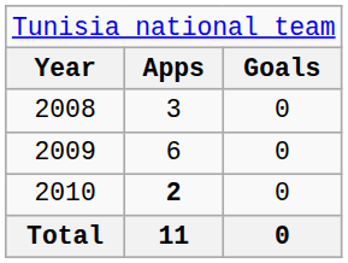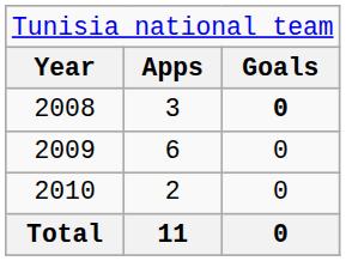 <table class="wikitable" style="text-align:center">
 <tr>
 <td colspan="3"><a href='#'>Tunisia national team</a></td>
 </tr>
 <tr>
 <th>Year</th>
 <th>Apps</th>
 <th>Goals</th>
 </tr>
 <tr>
 <td>2008</td>
 <td>3</td>
-<td>0</td>
+<td><strong>0</strong></td>
 </tr>
 <tr>
 <td>2009</td>
 <td>6</td>
 <td>0</td>
 </tr>
 <tr>
 <td>2010</td>
-<td><strong>2</strong></td>
+<td>2</td>
 <td>0</td>
 </tr>
 <tr>
 <th>Total</th>
 <th>11</th>
 <th>0</th>
 </tr>
 </table>
